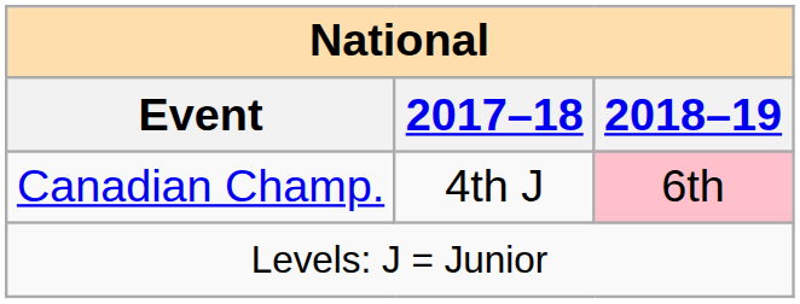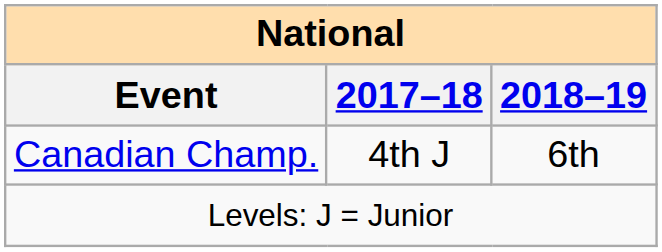 <table class="wikitable" style="text-align:center">
 <tr>
 <th style="background-color: #ffdead; " colspan=3 align=center>National</th>
 </tr>
 <tr>
 <th>Event</th>
 <th><a href='#'>2017–18</a></th>
 <th><a href='#'>2018–19</a></th>
 </tr>
 <tr>
 <td align="left"><a href='#'>Canadian Champ.</a></td>
 <td>4th J</td>
-<td style="background: pink;">6th</td>
+<td>6th</td>
 </tr>
 <tr>
 <td colspan=3 align="center"><small> Levels: J = Junior</small></td>
 </tr>
 </table>
